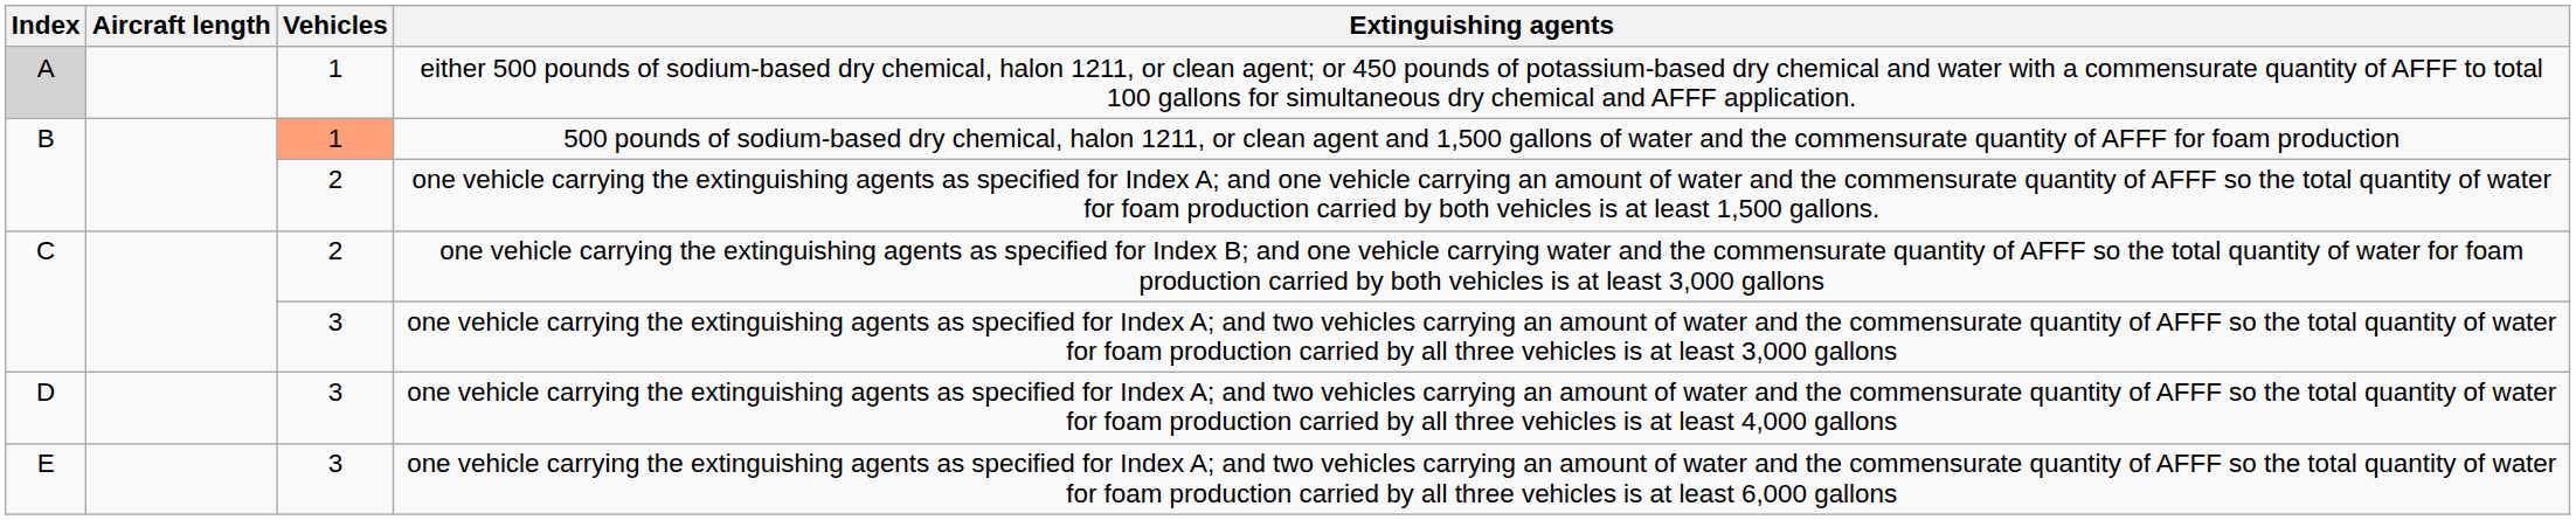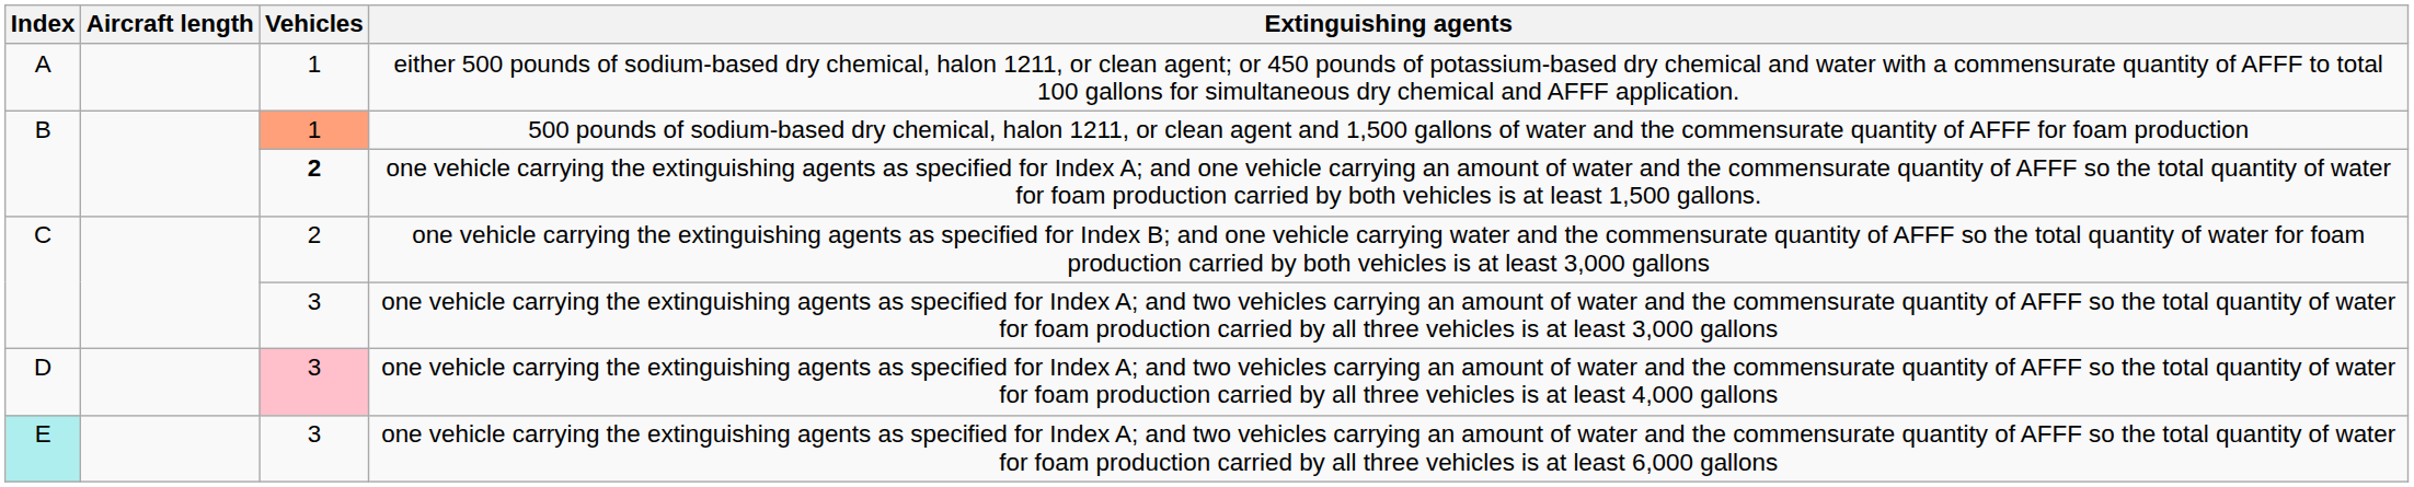 <table class="wikitable">
 <tr>
 <th>Index</th>
 <th>Aircraft length</th>
 <th>Vehicles</th>
 <th>Extinguishing agents</th>
 </tr>
 <tr style="vertical-align:top; text-align:center;">
-<td style="background: lightgrey;">A</td>
+<td>A</td>
 <td></td>
 <td>1</td>
 <td>either 500 pounds of sodium-based dry chemical, halon 1211, or clean agent; or 450 pounds of potassium-based dry chemical and water with a commensurate quantity of AFFF to total 100 gallons for simultaneous dry chemical and AFFF application.</td>
 </tr>
 <tr style="vertical-align:top; text-align:center;">
 <td rowspan=2>B</td>
 <td rowspan=2></td>
 <td style="background: lightsalmon;">1</td>
 <td>500 pounds of sodium-based dry chemical, halon 1211, or clean agent and 1,500 gallons of water and the commensurate quantity of AFFF for foam production</td>
 </tr>
 <tr style="vertical-align:top; text-align:center;">
-<td>2</td>
+<td><strong>2</strong></td>
 <td>one vehicle carrying the extinguishing agents as specified for Index A; and one vehicle carrying an amount of water and the commensurate quantity of AFFF so the total quantity of water for foam production carried by both vehicles is at least 1,500 gallons.</td>
 </tr>
 <tr style="vertical-align:top; text-align:center;">
 <td rowspan=2>C</td>
 <td rowspan=2></td>
 <td>2</td>
 <td>one vehicle carrying the extinguishing agents as specified for Index B; and one vehicle carrying water and the commensurate quantity of AFFF so the total quantity of water for foam production carried by both vehicles is at least 3,000 gallons</td>
 </tr>
 <tr style="vertical-align:top; text-align:center;">
 <td>3</td>
 <td>one vehicle carrying the extinguishing agents as specified for Index A; and two vehicles carrying an amount of water and the commensurate quantity of AFFF so the total quantity of water for foam production carried by all three vehicles is at least 3,000 gallons</td>
 </tr>
 <tr style="vertical-align:top; text-align:center;">
 <td>D</td>
 <td></td>
-<td>3</td>
+<td style="background: pink;">3</td>
 <td>one vehicle carrying the extinguishing agents as specified for Index A; and two vehicles carrying an amount of water and the commensurate quantity of AFFF so the total quantity of water for foam production carried by all three vehicles is at least 4,000 gallons</td>
 </tr>
 <tr style="vertical-align:top; text-align:center;">
-<td>E</td>
+<td style="background: paleturquoise;">E</td>
 <td></td>
 <td>3</td>
 <td>one vehicle carrying the extinguishing agents as specified for Index A; and two vehicles carrying an amount of water and the commensurate quantity of AFFF so the total quantity of water for foam production carried by all three vehicles is at least 6,000 gallons</td>
 </tr>
 </table>
